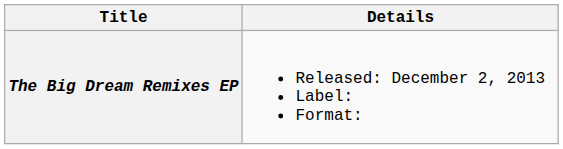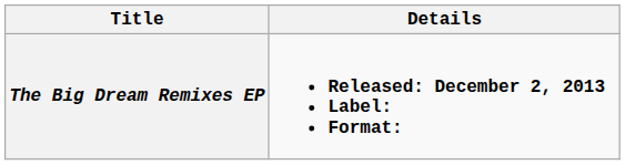 <table class="wikitable plainrowheaders" style="text-align:left">
 <tr>
 <th scope="col">Title</th>
 <th scope="col">Details</th>
 </tr>
 <tr>
 <th scope="row"><em>The Big Dream Remixes EP</em></th>
-<td><br><ul><li>Released: December 2, 2013 </li><li>Label: </li><li>Format: </li></ul></td>
+<td><strong><br><ul><li>Released: December 2, 2013 </li><li>Label: </li><li>Format: </li></ul></strong></td>
 </tr>
 </table>
